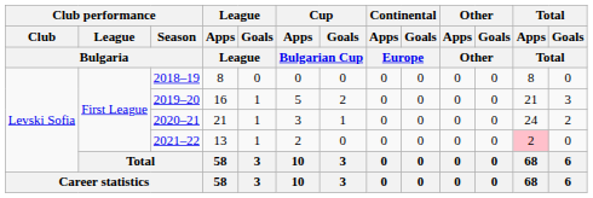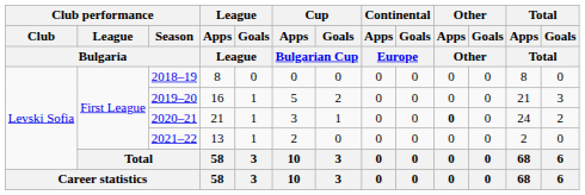 <table class="wikitable" style="text-align: center">
 <tr>
 <th Colspan="3">Club performance</th>
 <th Colspan="2">League</th>
 <th Colspan="2">Cup</th>
 <th Colspan="2">Continental</th>
 <th Colspan="2">Other</th>
 <th Colspan="3">Total</th>
 </tr>
 <tr>
 <th>Club</th>
 <th>League</th>
 <th>Season</th>
 <th>Apps</th>
 <th>Goals</th>
 <th>Apps</th>
 <th>Goals</th>
 <th>Apps</th>
 <th>Goals</th>
 <th>Apps</th>
 <th>Goals</th>
 <th>Apps</th>
 <th>Goals</th>
 </tr>
 <tr>
 <th Colspan="3">Bulgaria</th>
 <th Colspan="2">League</th>
 <th Colspan="2"><a href='#'>Bulgarian Cup</a></th>
 <th Colspan="2"><a href='#'>Europe</a></th>
 <th Colspan="2">Other</th>
 <th Colspan="2">Total</th>
 </tr>
 <tr>
 <td rowspan="5" valign="center"><a href='#'>Levski Sofia</a></td>
 <td rowspan="4"><a href='#'>First League</a></td>
 <td><a href='#'>2018–19</a></td>
 <td>8</td>
 <td>0</td>
 <td>0</td>
 <td>0</td>
 <td>0</td>
 <td>0</td>
 <td>0</td>
 <td>0</td>
 <td>8</td>
 <td>0</td>
 </tr>
 <tr>
 <td><a href='#'>2019–20</a></td>
 <td>16</td>
 <td>1</td>
 <td>5</td>
 <td>2</td>
 <td>0</td>
 <td>0</td>
 <td>0</td>
 <td>0</td>
 <td>21</td>
 <td>3</td>
 </tr>
 <tr>
 <td><a href='#'>2020–21</a></td>
 <td>21</td>
 <td>1</td>
 <td>3</td>
 <td>1</td>
 <td>0</td>
 <td>0</td>
-<td>0</td>
+<td><strong>0</strong></td>
 <td>0</td>
 <td>24</td>
 <td>2</td>
 </tr>
 <tr>
 <td><a href='#'>2021–22</a></td>
 <td>13</td>
 <td>1</td>
 <td>2</td>
 <td>0</td>
 <td>0</td>
 <td>0</td>
 <td>0</td>
 <td>0</td>
-<td style="background: pink;">2</td>
+<td>2</td>
 <td>0</td>
 </tr>
 <tr>
 <th colspan=2>Total</th>
 <th>58</th>
 <th>3</th>
 <th>10</th>
 <th>3</th>
 <th>0</th>
 <th>0</th>
 <th>0</th>
 <th>0</th>
 <th>68</th>
 <th>6</th>
 </tr>
 <tr>
 <th colspan="3">Career statistics</th>
 <th>58</th>
 <th>3</th>
 <th>10</th>
 <th>3</th>
 <th>0</th>
 <th>0</th>
 <th>0</th>
 <th>0</th>
 <th>68</th>
 <th>6</th>
 </tr>
 </table>
